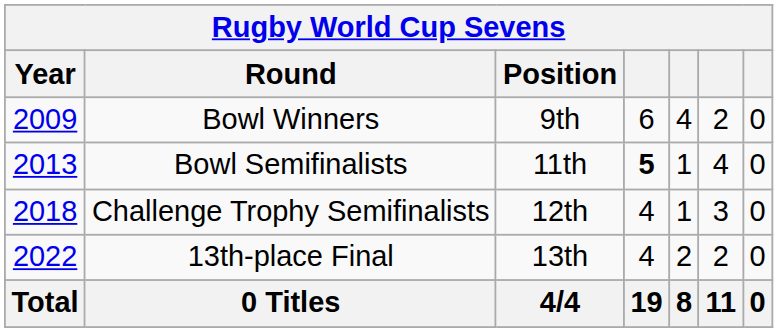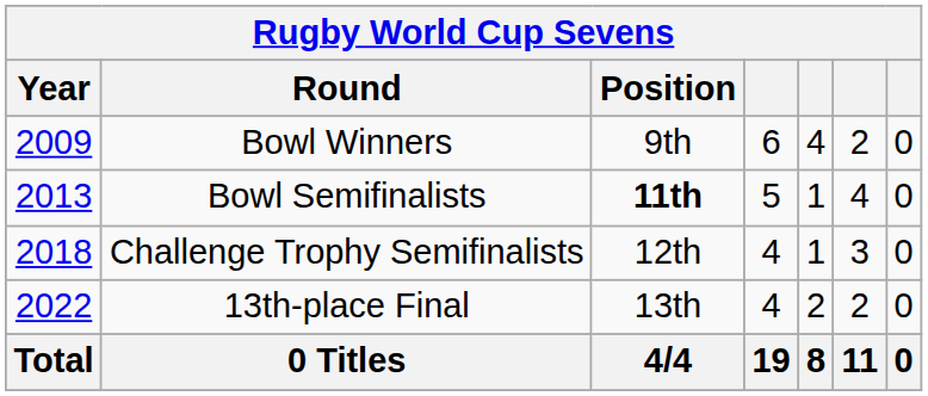 <table class="wikitable" style="text-align: center;">
 <tr>
 <th colspan=7><a href='#'>Rugby World Cup Sevens</a></th>
 </tr>
 <tr>
 <th>Year</th>
 <th>Round</th>
 <th>Position</th>
 <th></th>
 <th></th>
 <th></th>
 <th></th>
 </tr>
 <tr>
 <td> <a href='#'>2009</a></td>
 <td>Bowl Winners</td>
 <td>9th</td>
 <td>6</td>
 <td>4</td>
 <td>2</td>
 <td>0</td>
 </tr>
 <tr>
 <td> <a href='#'>2013</a></td>
 <td>Bowl Semifinalists</td>
-<td>11th</td>
-<td><strong>5</strong></td>
+<td><strong>11th</strong></td>
+<td>5</td>
 <td>1</td>
 <td>4</td>
 <td>0</td>
 </tr>
 <tr>
 <td> <a href='#'>2018</a></td>
 <td>Challenge Trophy Semifinalists</td>
 <td>12th</td>
 <td>4</td>
 <td>1</td>
 <td>3</td>
 <td>0</td>
 </tr>
 <tr>
 <td> <a href='#'>2022</a></td>
 <td>13th-place Final</td>
 <td>13th</td>
 <td>4</td>
 <td>2</td>
 <td>2</td>
 <td>0</td>
 </tr>
 <tr>
 <th>Total</th>
 <th>0 Titles</th>
 <th>4/4</th>
 <th>19</th>
 <th>8</th>
 <th>11</th>
 <th>0</th>
 </tr>
 </table>
